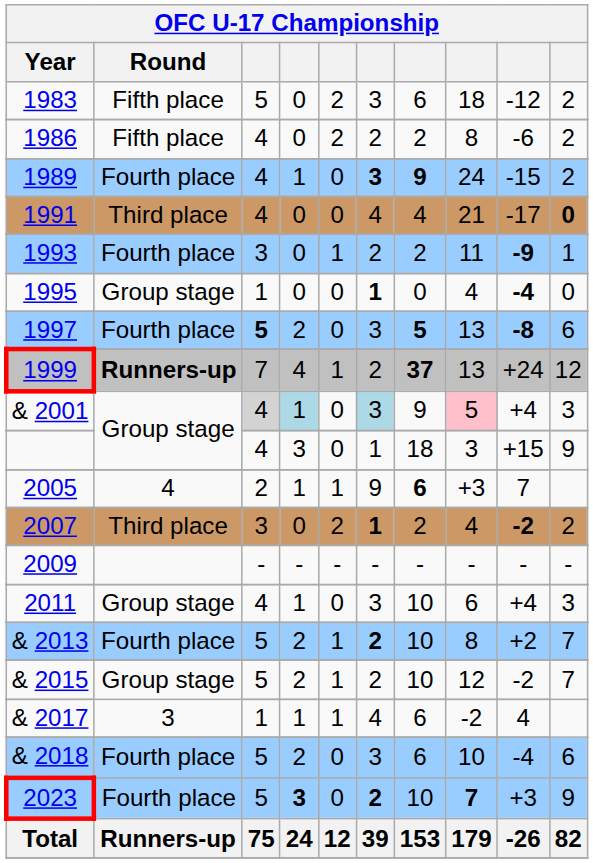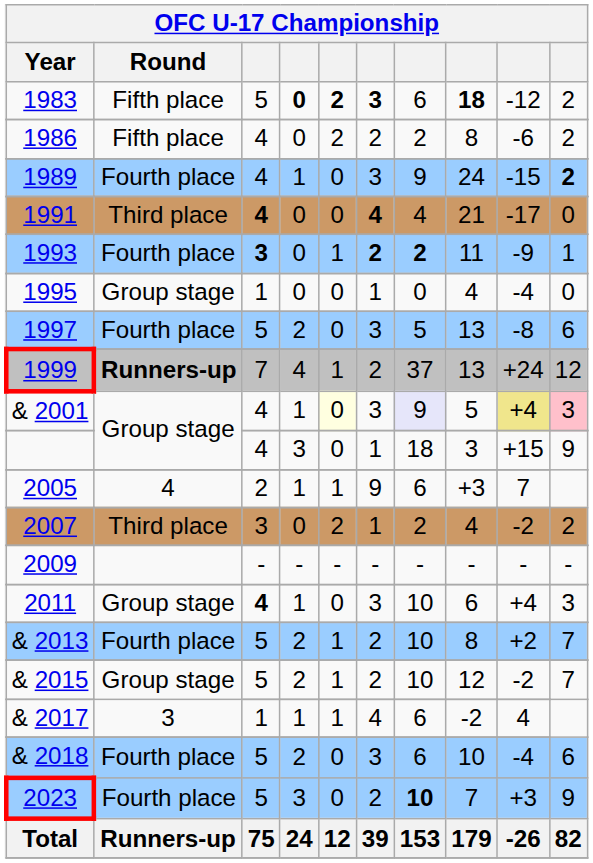 <table class="wikitable" style="text-align: center;">
 <tr>
 <th colspan=10><a href='#'>OFC U-17 Championship</a></th>
 </tr>
 <tr>
 <th>Year</th>
 <th>Round</th>
 <th></th>
 <th></th>
 <th></th>
 <th></th>
 <th></th>
 <th></th>
 <th></th>
 <th></th>
 </tr>
 <tr bgcolor=>
 <td> <a href='#'>1983</a></td>
 <td>Fifth place</td>
 <td>5</td>
-<td>0</td>
-<td>2</td>
-<td>3</td>
+<td><strong>0</strong></td>
+<td><strong>2</strong></td>
+<td><strong>3</strong></td>
 <td>6</td>
-<td>18</td>
+<td><strong>18</strong></td>
 <td>-12</td>
 <td>2</td>
 </tr>
 <tr>
 </tr>
 <tr bgcolor=>
 <td> <a href='#'>1986</a></td>
 <td>Fifth place</td>
 <td>4</td>
 <td>0</td>
 <td>2</td>
 <td>2</td>
 <td>2</td>
 <td>8</td>
 <td>-6</td>
 <td>2</td>
 </tr>
 <tr>
 </tr>
 <tr bgcolor=#9acdff>
 <td> <a href='#'>1989</a></td>
 <td>Fourth place</td>
 <td>4</td>
 <td>1</td>
 <td>0</td>
-<td><strong>3</strong></td>
-<td><strong>9</strong></td>
+<td>3</td>
+<td>9</td>
 <td>24</td>
 <td>-15</td>
-<td>2</td>
+<td><strong>2</strong></td>
 </tr>
 <tr>
 </tr>
 <tr bgcolor=cc9966>
 <td> <a href='#'>1991</a></td>
 <td>Third place</td>
-<td>4</td>
+<td><strong>4</strong></td>
 <td>0</td>
 <td>0</td>
-<td>4</td>
+<td><strong>4</strong></td>
 <td>4</td>
 <td>21</td>
 <td>-17</td>
-<td><strong>0</strong></td>
+<td>0</td>
 </tr>
 <tr>
 </tr>
 <tr bgcolor=#9acdff>
 <td> <a href='#'>1993</a></td>
 <td>Fourth place</td>
-<td>3</td>
+<td><strong>3</strong></td>
 <td>0</td>
 <td>1</td>
-<td>2</td>
-<td>2</td>
+<td><strong>2</strong></td>
+<td><strong>2</strong></td>
 <td>11</td>
-<td><strong>-9</strong></td>
+<td>-9</td>
 <td>1</td>
 </tr>
 <tr>
 </tr>
 <tr bgcolor=>
 <td> <a href='#'>1995</a></td>
 <td>Group stage</td>
 <td>1</td>
 <td>0</td>
 <td>0</td>
-<td><strong>1</strong></td>
+<td>1</td>
 <td>0</td>
 <td>4</td>
-<td><strong>-4</strong></td>
+<td>-4</td>
 <td>0</td>
 </tr>
 <tr>
 </tr>
 <tr bgcolor=#9acdff>
 <td> <a href='#'>1997</a></td>
 <td>Fourth place</td>
-<td><strong>5</strong></td>
+<td>5</td>
 <td>2</td>
 <td>0</td>
 <td>3</td>
-<td><strong>5</strong></td>
+<td>5</td>
 <td>13</td>
-<td><strong>-8</strong></td>
+<td>-8</td>
 <td>6</td>
 </tr>
 <tr>
 </tr>
 <tr bgcolor=Silver>
 <td style="border: 3px solid red"> <a href='#'>1999</a></td>
 <td><strong>Runners-up</strong></td>
 <td>7</td>
 <td>4</td>
 <td>1</td>
 <td>2</td>
-<td><strong>37</strong></td>
+<td>37</td>
 <td>13</td>
 <td>+24</td>
 <td>12</td>
 </tr>
 <tr>
 <td>& <a href='#'>2001</a></td>
 <td rowspan=3>Group stage</td>
-<td style="background: lightgrey;">4</td>
-<td style="background: lightblue;">1</td>
-<td>0</td>
-<td style="background: lightblue;">3</td>
-<td>9</td>
-<td style="background: pink;">5</td>
-<td>+4</td>
+<td>4</td>
+<td>1</td>
+<td style="background: lightyellow;">0</td>
 <td>3</td>
+<td style="background: lavender;">9</td>
+<td>5</td>
+<td style="background: khaki;">+4</td>
+<td style="background: pink;">3</td>
 </tr>
 <tr>
 </tr>
 <tr bgcolor=>
 <td></td>
 <td>4</td>
 <td>3</td>
 <td>0</td>
 <td>1</td>
 <td>18</td>
 <td>3</td>
 <td>+15</td>
 <td>9</td>
 </tr>
 <tr>
 </tr>
 <tr bgcolor=>
 <td> <a href='#'>2005</a></td>
 <td>4</td>
 <td>2</td>
 <td>1</td>
 <td>1</td>
 <td>9</td>
-<td><strong>6</strong></td>
+<td>6</td>
 <td>+3</td>
 <td>7</td>
 </tr>
 <tr>
 </tr>
 <tr bgcolor=cc9966>
 <td> <a href='#'>2007</a></td>
 <td>Third place</td>
 <td>3</td>
 <td>0</td>
 <td>2</td>
-<td><strong>1</strong></td>
+<td>1</td>
 <td>2</td>
 <td>4</td>
-<td><strong>-2</strong></td>
+<td>-2</td>
 <td>2</td>
 </tr>
 <tr>
 </tr>
 <tr bgcolor=>
 <td> <a href='#'>2009</a></td>
 <td></td>
 <td>-</td>
 <td>-</td>
 <td>-</td>
 <td>-</td>
 <td>-</td>
 <td>-</td>
 <td>-</td>
 <td>-</td>
 </tr>
 <tr>
 </tr>
 <tr bgcolor=>
 <td> <a href='#'>2011</a></td>
 <td>Group stage</td>
-<td>4</td>
+<td><strong>4</strong></td>
 <td>1</td>
 <td>0</td>
 <td>3</td>
 <td>10</td>
 <td>6</td>
 <td>+4</td>
 <td>3</td>
 </tr>
 <tr>
 </tr>
 <tr bgcolor=#9acdff>
 <td>& <a href='#'>2013</a></td>
 <td>Fourth place</td>
 <td>5</td>
 <td>2</td>
 <td>1</td>
-<td><strong>2</strong></td>
+<td>2</td>
 <td>10</td>
 <td>8</td>
 <td>+2</td>
 <td>7</td>
 </tr>
 <tr>
 </tr>
 <tr bgcolor=>
 <td>& <a href='#'>2015</a></td>
 <td rowspan=2>Group stage</td>
 <td>5</td>
 <td>2</td>
 <td>1</td>
 <td>2</td>
 <td>10</td>
 <td>12</td>
 <td>-2</td>
 <td>7</td>
 </tr>
 <tr>
 </tr>
 <tr bgcolor=>
 <td>& <a href='#'>2017</a></td>
 <td>3</td>
 <td>1</td>
 <td>1</td>
 <td>1</td>
 <td>4</td>
 <td>6</td>
 <td>-2</td>
 <td>4</td>
 </tr>
 <tr>
 </tr>
 <tr bgcolor=#9acdff>
 <td>& <a href='#'>2018</a></td>
 <td>Fourth place</td>
 <td>5</td>
 <td>2</td>
 <td>0</td>
 <td>3</td>
 <td>6</td>
 <td>10</td>
 <td>-4</td>
 <td>6</td>
 </tr>
 <tr bgcolor=#9acdff>
 <td style="border: 3px solid red"> <a href='#'>2023</a></td>
 <td>Fourth place</td>
 <td>5</td>
-<td><strong>3</strong></td>
+<td>3</td>
 <td>0</td>
-<td><strong>2</strong></td>
-<td>10</td>
-<td><strong>7</strong></td>
+<td>2</td>
+<td><strong>10</strong></td>
+<td>7</td>
 <td>+3</td>
 <td>9</td>
 </tr>
 <tr>
 <th><strong>Total</strong></th>
 <th><strong>Runners-up</strong></th>
 <th><strong>75</strong></th>
 <th><strong>24</strong></th>
 <th><strong>12</strong></th>
 <th><strong>39</strong></th>
 <th><strong>153</strong></th>
 <th><strong>179</strong></th>
 <th><strong>-26</strong></th>
 <th><strong>82</strong></th>
 </tr>
 <tr>
 </tr>
 </table>
